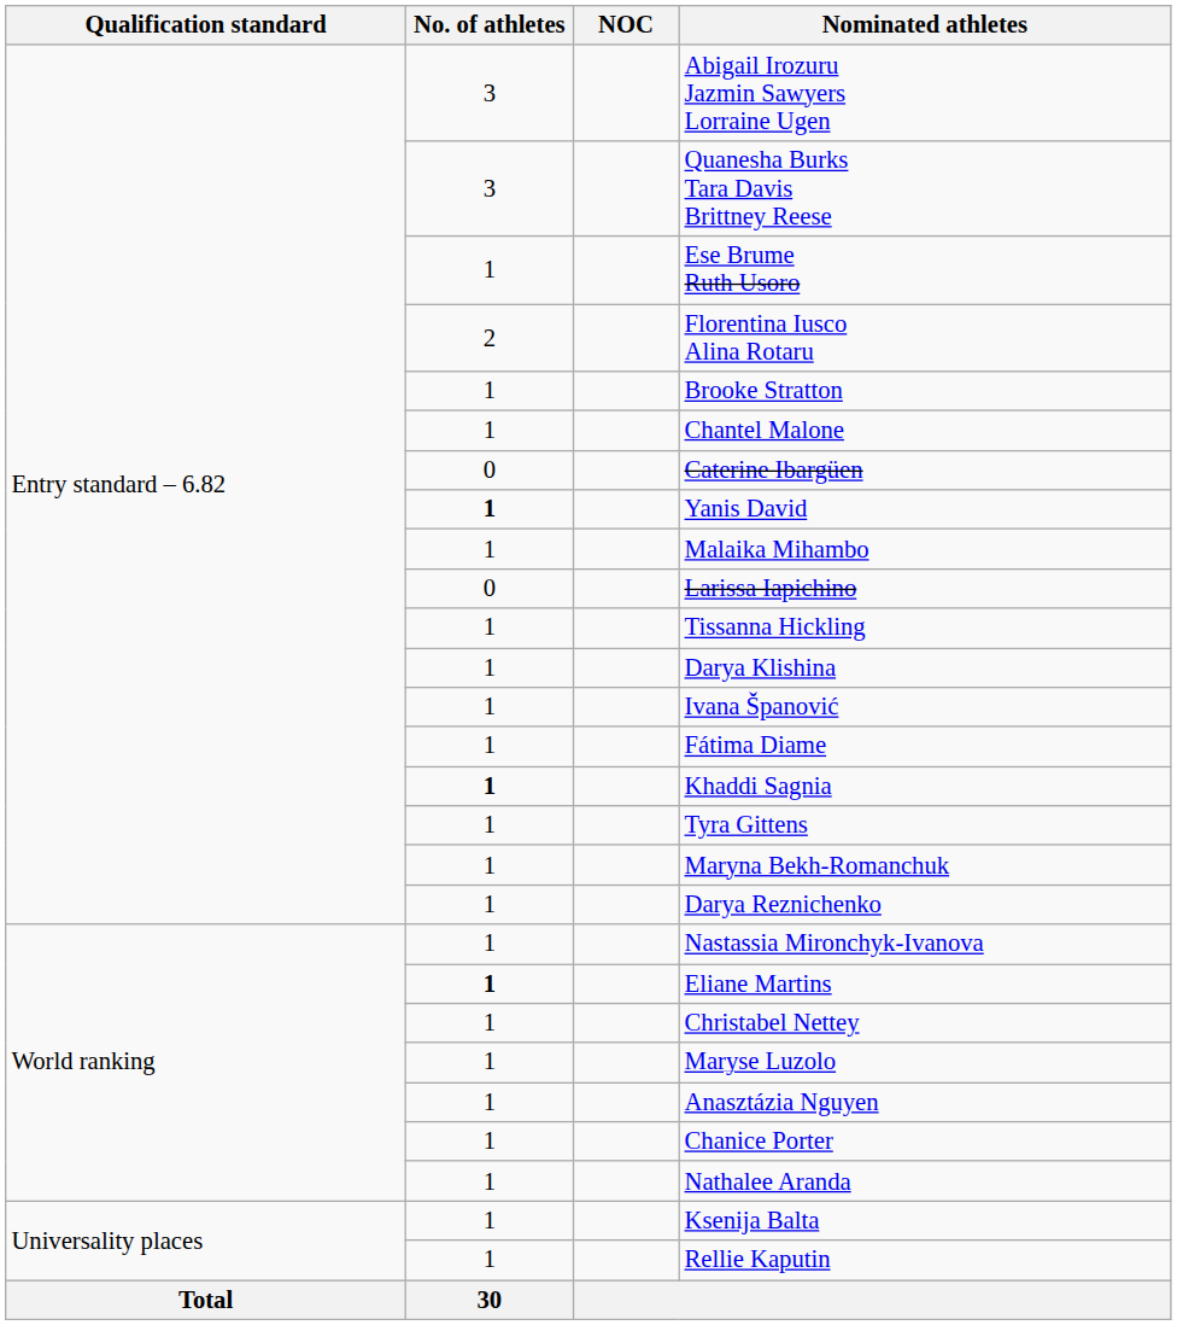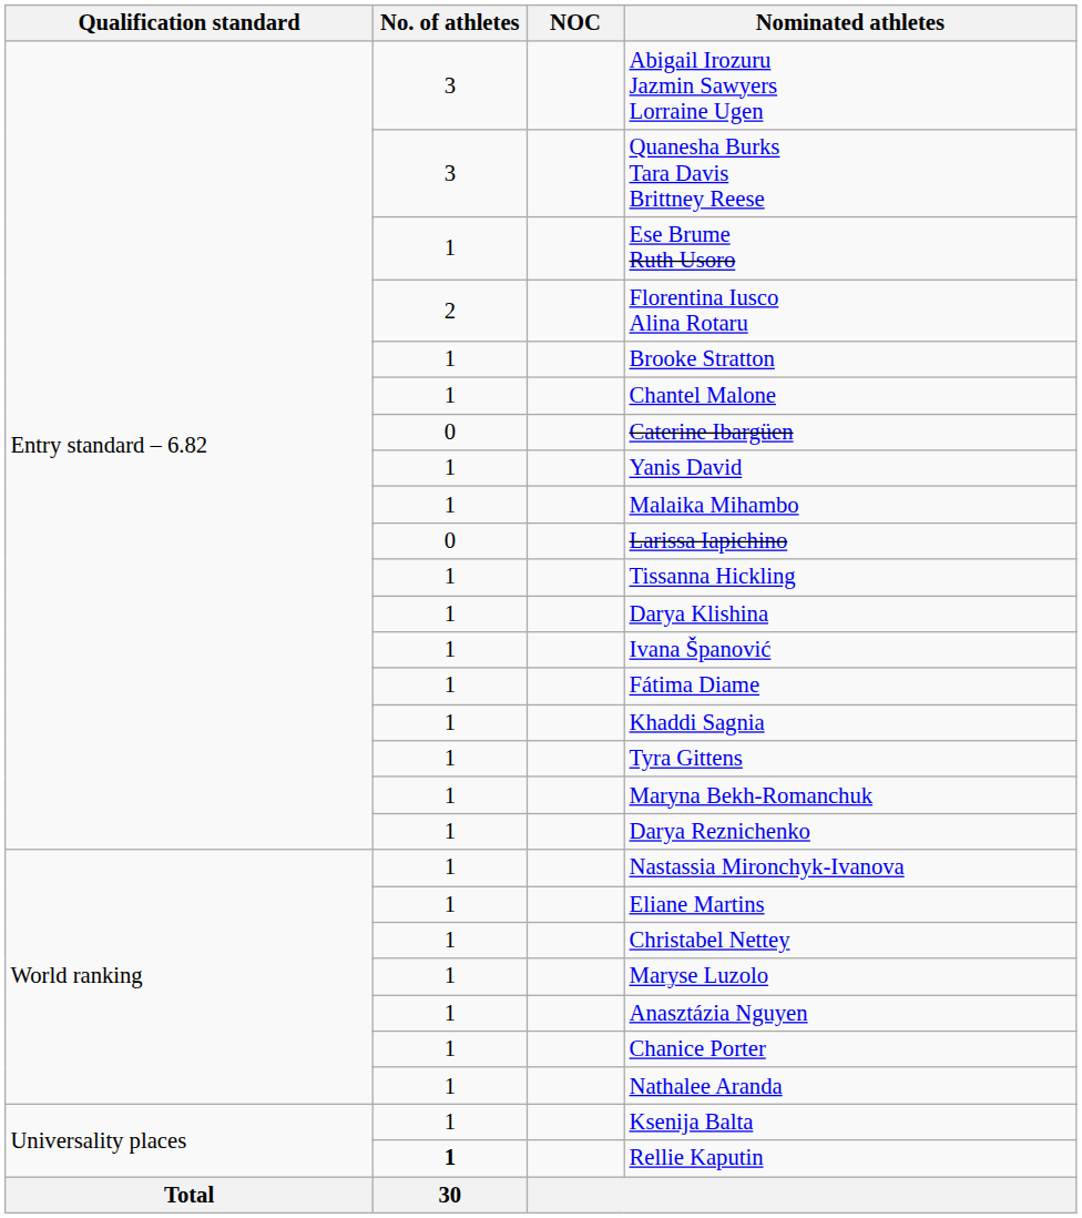 <table class="wikitable" style="text-align:left; width:750px;">
 <tr>
 <th>Qualification standard</th>
 <th width=100>No. of athletes</th>
 <th>NOC</th>
 <th>Nominated athletes</th>
 </tr>
 <tr>
 <td rowspan=18>Entry standard – 6.82</td>
 <td align=center>3</td>
 <td></td>
 <td><a href='#'>Abigail Irozuru</a><br><a href='#'>Jazmin Sawyers</a><br><a href='#'>Lorraine Ugen</a></td>
 </tr>
 <tr>
 <td align=center>3</td>
 <td></td>
 <td><a href='#'>Quanesha Burks</a><br><a href='#'>Tara Davis</a><br><a href='#'>Brittney Reese</a></td>
 </tr>
 <tr>
 <td align=center>1</td>
 <td></td>
 <td><a href='#'>Ese Brume</a><br><s><a href='#'>Ruth Usoro</a></s></td>
 </tr>
 <tr>
 <td align=center>2</td>
 <td></td>
 <td><a href='#'>Florentina Iusco</a><br><a href='#'>Alina Rotaru</a></td>
 </tr>
 <tr>
 <td align=center>1</td>
 <td></td>
 <td><a href='#'>Brooke Stratton</a></td>
 </tr>
 <tr>
 <td align=center>1</td>
 <td></td>
 <td><a href='#'>Chantel Malone</a></td>
 </tr>
 <tr>
 <td align=center>0</td>
 <td></td>
 <td><s><a href='#'>Caterine Ibargüen</a></s></td>
 </tr>
 <tr>
-<td align=center><strong>1</strong></td>
+<td align=center>1</td>
 <td></td>
 <td><a href='#'>Yanis David</a></td>
 </tr>
 <tr>
 <td align=center>1</td>
 <td></td>
 <td><a href='#'>Malaika Mihambo</a></td>
 </tr>
 <tr>
 <td align=center>0</td>
 <td></td>
 <td><s><a href='#'>Larissa Iapichino</a></s></td>
 </tr>
 <tr>
 <td align=center>1</td>
 <td></td>
 <td><a href='#'>Tissanna Hickling</a></td>
 </tr>
 <tr>
 <td align=center>1</td>
 <td></td>
 <td><a href='#'>Darya Klishina</a></td>
 </tr>
 <tr>
 <td align=center>1</td>
 <td></td>
 <td><a href='#'>Ivana Španović</a></td>
 </tr>
 <tr>
 <td align=center>1</td>
 <td></td>
 <td><a href='#'>Fátima Diame</a></td>
 </tr>
 <tr>
-<td align=center><strong>1</strong></td>
+<td align=center>1</td>
 <td></td>
 <td><a href='#'>Khaddi Sagnia</a></td>
 </tr>
 <tr>
 <td align=center>1</td>
 <td></td>
 <td><a href='#'>Tyra Gittens</a></td>
 </tr>
 <tr>
 <td align=center>1</td>
 <td></td>
 <td><a href='#'>Maryna Bekh-Romanchuk</a></td>
 </tr>
 <tr>
 <td align=center>1</td>
 <td></td>
 <td><a href='#'>Darya Reznichenko</a></td>
 </tr>
 <tr>
 <td rowspan=7>World ranking</td>
 <td align=center>1</td>
 <td></td>
 <td><a href='#'>Nastassia Mironchyk-Ivanova</a></td>
 </tr>
 <tr>
-<td align=center><strong>1</strong></td>
+<td align=center>1</td>
 <td></td>
 <td><a href='#'>Eliane Martins</a></td>
 </tr>
 <tr>
 <td align=center>1</td>
 <td></td>
 <td><a href='#'>Christabel Nettey</a></td>
 </tr>
 <tr>
 <td align=center>1</td>
 <td></td>
 <td><a href='#'>Maryse Luzolo</a></td>
 </tr>
 <tr>
 <td align=center>1</td>
 <td></td>
 <td><a href='#'>Anasztázia Nguyen</a></td>
 </tr>
 <tr>
 <td align=center>1</td>
 <td></td>
 <td><a href='#'>Chanice Porter</a></td>
 </tr>
 <tr>
 <td align=center>1</td>
 <td></td>
 <td><a href='#'>Nathalee Aranda</a></td>
 </tr>
 <tr>
 <td rowspan=2>Universality places</td>
 <td align=center>1</td>
 <td></td>
 <td><a href='#'>Ksenija Balta</a></td>
 </tr>
 <tr>
-<td align=center>1</td>
+<td align=center><strong>1</strong></td>
 <td></td>
 <td><a href='#'>Rellie Kaputin</a></td>
 </tr>
 <tr>
 <th>Total</th>
 <th>30</th>
 <th colspan=2></th>
 </tr>
 </table>
